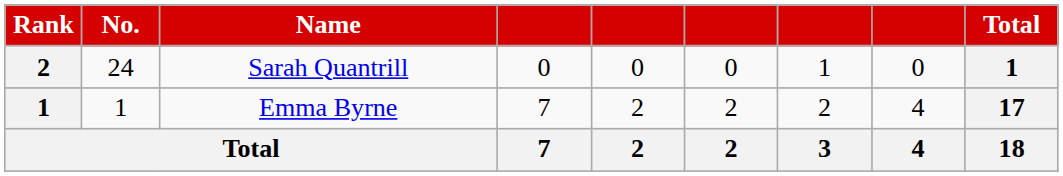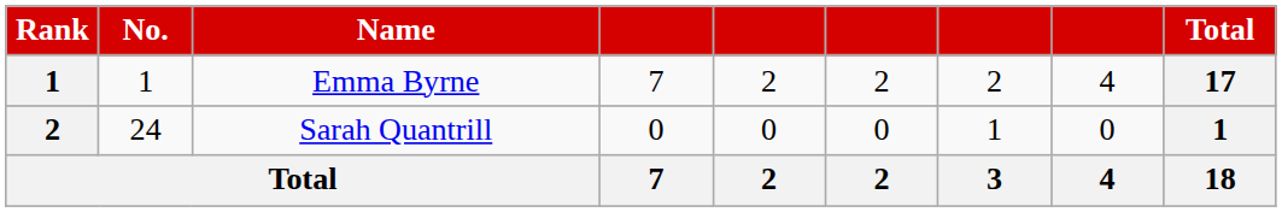 <table class="wikitable" style="text-align:center; font-size:100%; ">
 <tr>
 <th style="background:#d50000; color:white; text-align:center; width:40px">Rank</th>
 <th style="background:#d50000; color:white; text-align:center; width:40px">No.</th>
 <th style="background:#d50000; color:white; text-align:center; width:200px">Name</th>
 <th style="background:#d50000; color:white; text-align:center; width:50px;"><a href='#'></a></th>
 <th style="background:#d50000; color:white; text-align:center; width:50px;"><a href='#'></a></th>
 <th style="background:#d50000; color:white; text-align:center; width:50px;"></th>
 <th style="background:#d50000; color:white; text-align:center; width:50px;"></th>
 <th style="background:#d50000; color:white; text-align:center; width:50px;"></th>
 <th style="background:#d50000; color:white; text-align:center; width:50px;">Total</th>
 </tr>
 <tr>
+<th>1</th>
+<td>1</td>
+<td> <a href='#'>Emma Byrne</a></td>
+<td>7</td>
+<td>2</td>
+<td>2</td>
+<td>2</td>
+<td>4</td>
+<th>17</th>
+</tr>
+<tr>
 <th>2</th>
 <td>24</td>
 <td> <a href='#'>Sarah Quantrill</a></td>
 <td>0</td>
 <td>0</td>
 <td>0</td>
 <td>1</td>
 <td>0</td>
 <th>1</th>
 </tr>
 <tr>
-<th>1</th>
-<td>1</td>
-<td> <a href='#'>Emma Byrne</a></td>
-<td>7</td>
-<td>2</td>
-<td>2</td>
-<td>2</td>
-<td>4</td>
-<th>17</th>
-</tr>
-<tr>
 <th colspan="3">Total</th>
 <th>7</th>
 <th>2</th>
 <th>2</th>
 <th>3</th>
 <th>4</th>
 <th>18</th>
 </tr>
 </table>
